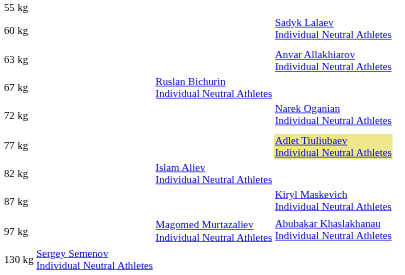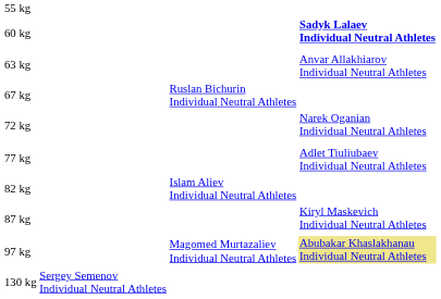 <table>
 <tr>
 <td rowspan=2>55 kg<br></td>
 <td rowspan=2></td>
 <td rowspan=2></td>
 <td></td>
 </tr>
 <tr>
 <td></td>
 </tr>
 <tr>
 <td rowspan=2>60 kg<br></td>
 <td rowspan=2></td>
 <td rowspan=2></td>
-<td><a href='#'>Sadyk Lalaev</a><br><a href='#'>Individual Neutral Athletes</a></td>
+<td><strong><a href='#'>Sadyk Lalaev</a><br><a href='#'>Individual Neutral Athletes</a></strong></td>
 </tr>
 <tr>
 <td></td>
 </tr>
 <tr>
 <td rowspan=2>63 kg<br></td>
 <td rowspan=2></td>
 <td rowspan=2></td>
 <td></td>
 </tr>
 <tr>
 <td><a href='#'>Anvar Allakhiarov</a><br><a href='#'>Individual Neutral Athletes</a></td>
 </tr>
 <tr>
 <td rowspan=2>67 kg<br></td>
 <td rowspan=2></td>
 <td rowspan=2><a href='#'>Ruslan Bichurin</a><br><a href='#'>Individual Neutral Athletes</a></td>
 <td></td>
 </tr>
 <tr>
 <td></td>
 </tr>
 <tr>
 <td rowspan=2>72 kg<br></td>
 <td rowspan=2></td>
 <td rowspan=2></td>
 <td><a href='#'>Narek Oganian</a><br><a href='#'>Individual Neutral Athletes</a></td>
 </tr>
 <tr>
 <td></td>
 </tr>
 <tr>
 <td rowspan=2>77 kg<br></td>
 <td rowspan=2></td>
 <td rowspan=2></td>
 <td></td>
 </tr>
 <tr>
-<td style="background: khaki;"><a href='#'>Adlet Tiuliubaev</a><br><a href='#'>Individual Neutral Athletes</a></td>
+<td><a href='#'>Adlet Tiuliubaev</a><br><a href='#'>Individual Neutral Athletes</a></td>
 </tr>
 <tr>
 <td rowspan=2>82 kg<br></td>
 <td rowspan=2></td>
 <td rowspan=2><a href='#'>Islam Aliev</a><br><a href='#'>Individual Neutral Athletes</a></td>
 <td></td>
 </tr>
 <tr>
 <td></td>
 </tr>
 <tr>
 <td rowspan=2>87 kg<br></td>
 <td rowspan=2></td>
 <td rowspan=2></td>
 <td><a href='#'>Kiryl Maskevich</a><br><a href='#'>Individual Neutral Athletes</a></td>
 </tr>
 <tr>
 <td></td>
 </tr>
 <tr>
 <td rowspan=2>97 kg<br></td>
 <td rowspan=2></td>
 <td rowspan=2><a href='#'>Magomed Murtazaliev</a><br><a href='#'>Individual Neutral Athletes</a></td>
-<td><a href='#'>Abubakar Khaslakhanau</a><br><a href='#'>Individual Neutral Athletes</a></td>
+<td style="background: khaki;"><a href='#'>Abubakar Khaslakhanau</a><br><a href='#'>Individual Neutral Athletes</a></td>
 </tr>
 <tr>
 <td></td>
 </tr>
 <tr>
 <td rowspan=2>130 kg<br></td>
 <td rowspan=2><a href='#'>Sergey Semenov</a><br><a href='#'>Individual Neutral Athletes</a></td>
 <td rowspan=2></td>
 <td></td>
 </tr>
 <tr>
 <td></td>
 </tr>
 </table>
